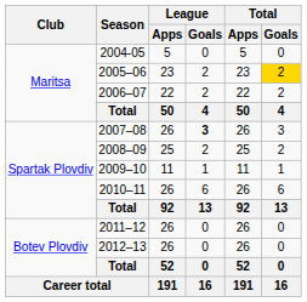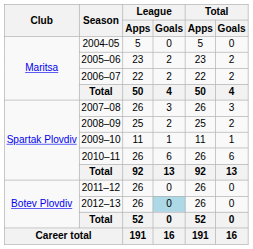 <table class="wikitable" style="text-align:center">
 <tr>
 <th rowspan="2">Club</th>
 <th rowspan="2">Season</th>
 <th colspan="2">League</th>
 <th colspan="2">Total</th>
 </tr>
 <tr>
 <th>Apps</th>
 <th>Goals</th>
 <th>Apps</th>
 <th>Goals</th>
 </tr>
 <tr>
 <td rowspan="4"><a href='#'>Maritsa</a></td>
 <td>2004-05</td>
 <td>5</td>
 <td>0</td>
 <td>5</td>
 <td>0</td>
 </tr>
 <tr>
 <td>2005–06</td>
 <td>23</td>
 <td>2</td>
 <td>23</td>
-<td style="background: gold;">2</td>
+<td>2</td>
 </tr>
 <tr>
 <td>2006–07</td>
 <td>22</td>
 <td>2</td>
 <td>22</td>
 <td>2</td>
 </tr>
 <tr>
 <th>Total</th>
 <th>50</th>
 <th>4</th>
 <th>50</th>
 <th>4</th>
 </tr>
 <tr>
 <td rowspan="5"><a href='#'>Spartak Plovdiv</a></td>
 <td>2007–08</td>
 <td>26</td>
-<td><strong>3</strong></td>
+<td>3</td>
 <td>26</td>
 <td>3</td>
 </tr>
 <tr>
 <td>2008–09</td>
 <td>25</td>
 <td>2</td>
 <td>25</td>
 <td>2</td>
 </tr>
 <tr>
 <td>2009–10</td>
 <td>11</td>
 <td>1</td>
 <td>11</td>
 <td>1</td>
 </tr>
 <tr>
 <td>2010–11</td>
 <td>26</td>
 <td>6</td>
 <td>26</td>
 <td>6</td>
 </tr>
 <tr>
 <th>Total</th>
 <th>92</th>
 <th>13</th>
 <th>92</th>
 <th>13</th>
 </tr>
 <tr>
 <td rowspan="3"><a href='#'>Botev Plovdiv</a></td>
 <td>2011–12</td>
 <td>26</td>
 <td>0</td>
 <td>26</td>
 <td>0</td>
 </tr>
 <tr>
 <td>2012–13</td>
 <td>26</td>
-<td>0</td>
+<td style="background: lightblue;">0</td>
 <td>26</td>
 <td>0</td>
 </tr>
 <tr>
 <th>Total</th>
 <th>52</th>
 <th>0</th>
 <th>52</th>
 <th>0</th>
 </tr>
 <tr>
 <th colspan="2">Career total</th>
 <th>191</th>
 <th>16</th>
 <th>191</th>
 <th>16</th>
 </tr>
 </table>
